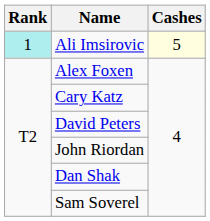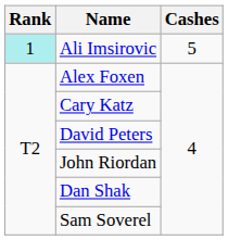 <table class="wikitable" style="display: inline-table;">
 <tr>
 <th>Rank</th>
 <th>Name</th>
 <th>Cashes</th>
 </tr>
 <tr>
 <td align=center style="background: paleturquoise;">1</td>
 <td> <a href='#'>Ali Imsirovic</a></td>
-<td align=center style="background: lightyellow;">5</td>
+<td align=center>5</td>
 </tr>
 <tr>
 <td rowspan=6 align=center>T2</td>
 <td> <a href='#'>Alex Foxen</a></td>
 <td rowspan=6 align=center>4</td>
 </tr>
 <tr>
 <td> <a href='#'>Cary Katz</a></td>
 </tr>
 <tr>
 <td> <a href='#'>David Peters</a></td>
 </tr>
 <tr>
 <td> John Riordan</td>
 </tr>
 <tr>
 <td> <a href='#'>Dan Shak</a></td>
 </tr>
 <tr>
 <td> Sam Soverel</td>
 </tr>
 </table>
